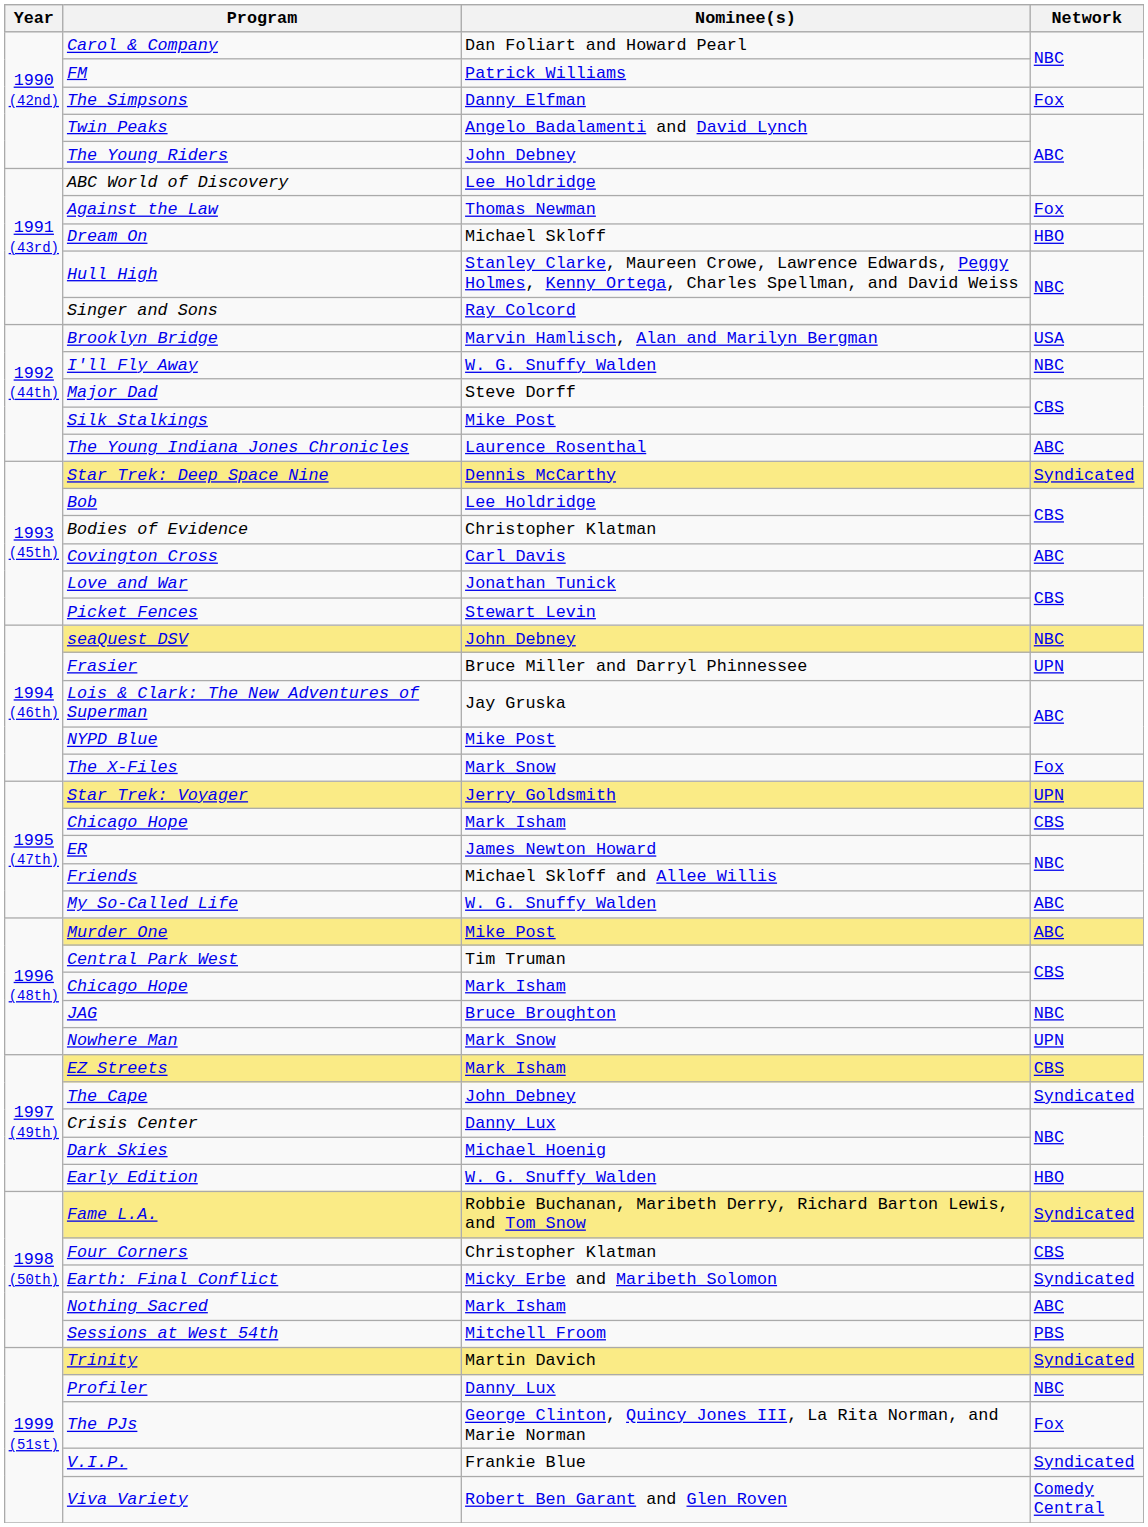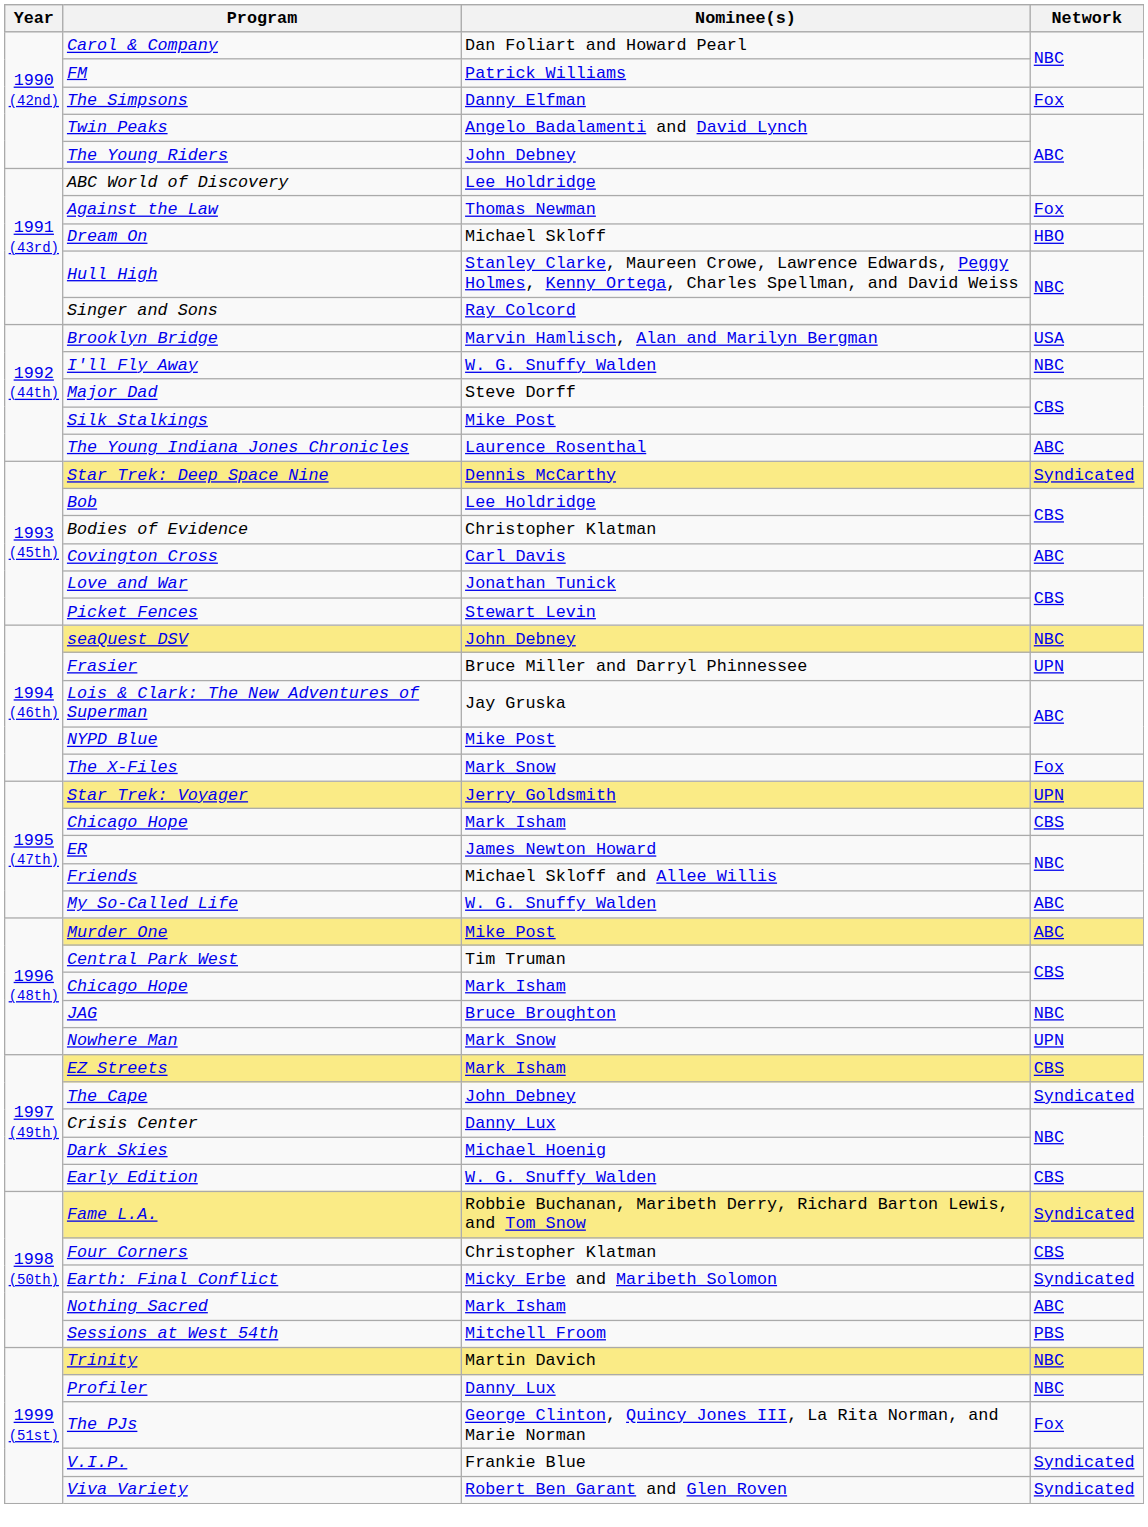 <table class="wikitable" style="width:100%">
 <tr bgcolor="#bebebe">
 <th width="5%">Year</th>
 <th width="35%">Program</th>
 <th width="50%">Nominee(s)</th>
 <th width="10%">Network</th>
 </tr>
 <tr>
 <td rowspan=5 style="text-align:center;"><a href='#'>1990</a><br><small><a href='#'>(42nd)</a></small><br><br></td>
 <td><em><a href='#'>Carol & Company</a></em></td>
 <td>Dan Foliart and Howard Pearl</td>
 <td rowspan=2><a href='#'>NBC</a></td>
 </tr>
 <tr>
 <td><em><a href='#'>FM</a></em></td>
 <td><a href='#'>Patrick Williams</a></td>
 </tr>
 <tr>
 <td><em><a href='#'>The Simpsons</a></em></td>
 <td><a href='#'>Danny Elfman</a></td>
 <td><a href='#'>Fox</a></td>
 </tr>
 <tr>
 <td><em><a href='#'>Twin Peaks</a></em></td>
 <td><a href='#'>Angelo Badalamenti</a> and <a href='#'>David Lynch</a></td>
 <td rowspan=3><a href='#'>ABC</a></td>
 </tr>
 <tr>
 <td><em><a href='#'>The Young Riders</a></em></td>
 <td><a href='#'>John Debney</a></td>
 </tr>
 <tr>
 <td rowspan=5 style="text-align:center;"><a href='#'>1991</a><br><small><a href='#'>(43rd)</a></small><br><br></td>
 <td><em>ABC World of Discovery</em></td>
 <td><a href='#'>Lee Holdridge</a></td>
 </tr>
 <tr>
 <td><em><a href='#'>Against the Law</a></em></td>
 <td><a href='#'>Thomas Newman</a></td>
 <td><a href='#'>Fox</a></td>
 </tr>
 <tr>
 <td><em><a href='#'>Dream On</a></em></td>
 <td>Michael Skloff</td>
 <td><a href='#'>HBO</a></td>
 </tr>
 <tr>
 <td><em><a href='#'>Hull High</a></em></td>
 <td><a href='#'>Stanley Clarke</a>, Maureen Crowe, Lawrence Edwards, <a href='#'>Peggy Holmes</a>, <a href='#'>Kenny Ortega</a>, Charles Spellman, and David Weiss</td>
 <td rowspan=2><a href='#'>NBC</a></td>
 </tr>
 <tr>
 <td><em>Singer and Sons</em></td>
 <td><a href='#'>Ray Colcord</a></td>
 </tr>
 <tr>
 <td rowspan=6 style="text-align:center;"><a href='#'>1992</a><br><small><a href='#'>(44th)</a></small><br><br></td>
 </tr>
 <tr>
 <td><em><a href='#'>Brooklyn Bridge</a></em></td>
 <td><a href='#'>Marvin Hamlisch</a>, <a href='#'>Alan and Marilyn Bergman</a></td>
 <td><a href='#'>USA</a></td>
 </tr>
 <tr>
 <td><em><a href='#'>I'll Fly Away</a></em></td>
 <td><a href='#'>W. G. Snuffy Walden</a></td>
 <td><a href='#'>NBC</a></td>
 </tr>
 <tr>
 <td><em><a href='#'>Major Dad</a></em></td>
 <td>Steve Dorff</td>
 <td rowspan=2><a href='#'>CBS</a></td>
 </tr>
 <tr>
 <td><em><a href='#'>Silk Stalkings</a></em></td>
 <td><a href='#'>Mike Post</a></td>
 </tr>
 <tr>
 <td><em><a href='#'>The Young Indiana Jones Chronicles</a></em></td>
 <td><a href='#'>Laurence Rosenthal</a></td>
 <td><a href='#'>ABC</a></td>
 </tr>
 <tr>
 <td rowspan=6 style="text-align:center;"><a href='#'>1993</a><br><small><a href='#'>(45th)</a></small><br></td>
 <td style="background:#FAEB86;"><em><a href='#'>Star Trek: Deep Space Nine</a></em></td>
 <td style="background:#FAEB86;"><a href='#'>Dennis McCarthy</a></td>
 <td style="background:#FAEB86;"><a href='#'>Syndicated</a></td>
 </tr>
 <tr>
 <td><em><a href='#'>Bob</a></em></td>
 <td><a href='#'>Lee Holdridge</a></td>
 <td rowspan=2><a href='#'>CBS</a></td>
 </tr>
 <tr>
 <td><em>Bodies of Evidence</em></td>
 <td>Christopher Klatman</td>
 </tr>
 <tr>
 <td><em><a href='#'>Covington Cross</a></em></td>
 <td><a href='#'>Carl Davis</a></td>
 <td><a href='#'>ABC</a></td>
 </tr>
 <tr>
 <td><em><a href='#'>Love and War</a></em></td>
 <td><a href='#'>Jonathan Tunick</a></td>
 <td rowspan=2><a href='#'>CBS</a></td>
 </tr>
 <tr>
 <td><em><a href='#'>Picket Fences</a></em></td>
 <td><a href='#'>Stewart Levin</a></td>
 </tr>
 <tr>
 <td rowspan=5 style="text-align:center;"><a href='#'>1994</a><br><small><a href='#'>(46th)</a></small><br></td>
 <td style="background:#FAEB86;"><em><a href='#'>seaQuest DSV</a></em></td>
 <td style="background:#FAEB86;"><a href='#'>John Debney</a></td>
 <td style="background:#FAEB86;"><a href='#'>NBC</a></td>
 </tr>
 <tr>
 <td><em><a href='#'>Frasier</a></em></td>
 <td>Bruce Miller and Darryl Phinnessee</td>
 <td><a href='#'>UPN</a></td>
 </tr>
 <tr>
 <td><em><a href='#'>Lois & Clark: The New Adventures of Superman</a></em></td>
 <td>Jay Gruska</td>
 <td rowspan=2><a href='#'>ABC</a></td>
 </tr>
 <tr>
 <td><em><a href='#'>NYPD Blue</a></em></td>
 <td><a href='#'>Mike Post</a></td>
 </tr>
 <tr>
 <td><em><a href='#'>The X-Files</a></em></td>
 <td><a href='#'>Mark Snow</a></td>
 <td><a href='#'>Fox</a></td>
 </tr>
 <tr>
 <td rowspan=5 style="text-align:center;"><a href='#'>1995</a><br><small><a href='#'>(47th)</a></small><br></td>
 <td style="background:#FAEB86;"><em><a href='#'>Star Trek: Voyager</a></em></td>
 <td style="background:#FAEB86;"><a href='#'>Jerry Goldsmith</a></td>
 <td style="background:#FAEB86;"><a href='#'>UPN</a></td>
 </tr>
 <tr>
 <td><em><a href='#'>Chicago Hope</a></em></td>
 <td><a href='#'>Mark Isham</a></td>
 <td><a href='#'>CBS</a></td>
 </tr>
 <tr>
 <td><em><a href='#'>ER</a></em></td>
 <td><a href='#'>James Newton Howard</a></td>
 <td rowspan=2><a href='#'>NBC</a></td>
 </tr>
 <tr>
 <td><em><a href='#'>Friends</a></em></td>
 <td>Michael Skloff and <a href='#'>Allee Willis</a></td>
 </tr>
 <tr>
 <td><em><a href='#'>My So-Called Life</a></em></td>
 <td><a href='#'>W. G. Snuffy Walden</a></td>
 <td><a href='#'>ABC</a></td>
 </tr>
 <tr>
 <td rowspan=5 style="text-align:center;"><a href='#'>1996</a><br><small><a href='#'>(48th)</a></small><br></td>
 <td style="background:#FAEB86;"><em><a href='#'>Murder One</a></em></td>
 <td style="background:#FAEB86;"><a href='#'>Mike Post</a></td>
 <td style="background:#FAEB86;"><a href='#'>ABC</a></td>
 </tr>
 <tr>
 <td><em><a href='#'>Central Park West</a></em></td>
 <td>Tim Truman</td>
 <td rowspan=2><a href='#'>CBS</a></td>
 </tr>
 <tr>
 <td><em><a href='#'>Chicago Hope</a></em></td>
 <td><a href='#'>Mark Isham</a></td>
 </tr>
 <tr>
 <td><em><a href='#'>JAG</a></em></td>
 <td><a href='#'>Bruce Broughton</a></td>
 <td><a href='#'>NBC</a></td>
 </tr>
 <tr>
 <td><em><a href='#'>Nowhere Man</a></em></td>
 <td><a href='#'>Mark Snow</a></td>
 <td><a href='#'>UPN</a></td>
 </tr>
 <tr>
 <td rowspan=5 style="text-align:center;"><a href='#'>1997</a><br><small><a href='#'>(49th)</a></small><br></td>
 <td style="background:#FAEB86;"><em><a href='#'>EZ Streets</a></em></td>
 <td style="background:#FAEB86;"><a href='#'>Mark Isham</a></td>
 <td style="background:#FAEB86;"><a href='#'>CBS</a></td>
 </tr>
 <tr>
 <td><em><a href='#'>The Cape</a></em></td>
 <td><a href='#'>John Debney</a></td>
 <td><a href='#'>Syndicated</a></td>
 </tr>
 <tr>
 <td><em>Crisis Center</em></td>
 <td><a href='#'>Danny Lux</a></td>
 <td rowspan=2><a href='#'>NBC</a></td>
 </tr>
 <tr>
 <td><em><a href='#'>Dark Skies</a></em></td>
 <td><a href='#'>Michael Hoenig</a></td>
 </tr>
 <tr>
 <td><em><a href='#'>Early Edition</a></em></td>
 <td><a href='#'>W. G. Snuffy Walden</a></td>
-<td><a href='#'>HBO</a></td>
+<td><a href='#'>CBS</a></td>
 </tr>
 <tr>
 <td rowspan=5 style="text-align:center;"><a href='#'>1998</a><br><small><a href='#'>(50th)</a></small><br></td>
 <td style="background:#FAEB86;"><em><a href='#'>Fame L.A.</a></em></td>
 <td style="background:#FAEB86;">Robbie Buchanan, Maribeth Derry, Richard Barton Lewis, and <a href='#'>Tom Snow</a></td>
 <td style="background:#FAEB86;"><a href='#'>Syndicated</a></td>
 </tr>
 <tr>
 <td><em><a href='#'>Four Corners</a></em></td>
 <td>Christopher Klatman</td>
 <td><a href='#'>CBS</a></td>
 </tr>
 <tr>
 <td><em><a href='#'>Earth: Final Conflict</a></em></td>
 <td><a href='#'>Micky Erbe</a> and <a href='#'>Maribeth Solomon</a></td>
 <td><a href='#'>Syndicated</a></td>
 </tr>
 <tr>
 <td><em><a href='#'>Nothing Sacred</a></em></td>
 <td><a href='#'>Mark Isham</a></td>
 <td><a href='#'>ABC</a></td>
 </tr>
 <tr>
 <td><em><a href='#'>Sessions at West 54th</a></em></td>
 <td><a href='#'>Mitchell Froom</a></td>
 <td><a href='#'>PBS</a></td>
 </tr>
 <tr>
 <td rowspan=5 style="text-align:center;"><a href='#'>1999</a><br><small><a href='#'>(51st)</a></small><br></td>
 <td style="background:#FAEB86;"><em><a href='#'>Trinity</a></em></td>
 <td style="background:#FAEB86;">Martin Davich</td>
-<td style="background:#FAEB86;"><a href='#'>Syndicated</a></td>
+<td style="background:#FAEB86;"><a href='#'>NBC</a></td>
 </tr>
 <tr>
 <td><em><a href='#'>Profiler</a></em></td>
 <td><a href='#'>Danny Lux</a></td>
 <td><a href='#'>NBC</a></td>
 </tr>
 <tr>
 <td><em><a href='#'>The PJs</a></em></td>
 <td><a href='#'>George Clinton</a>, <a href='#'>Quincy Jones III</a>, La Rita Norman, and Marie Norman</td>
 <td><a href='#'>Fox</a></td>
 </tr>
 <tr>
 <td><em><a href='#'>V.I.P.</a></em></td>
 <td>Frankie Blue</td>
 <td><a href='#'>Syndicated</a></td>
 </tr>
 <tr>
 <td><em><a href='#'>Viva Variety</a></em></td>
 <td><a href='#'>Robert Ben Garant</a> and <a href='#'>Glen Roven</a></td>
-<td><a href='#'>Comedy Central</a></td>
+<td><a href='#'>Syndicated</a></td>
 </tr>
 </table>
